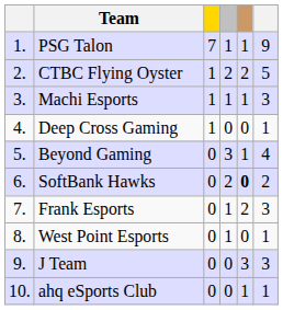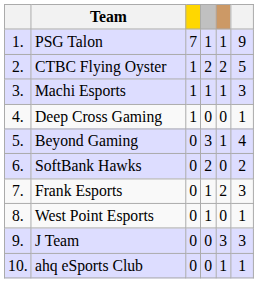 <table class="wikitable" style="text-align: center; white-space: nowrap">
 <tr>
 <th></th>
 <th style="width:150px">Team</th>
 <th style="background:gold"></th>
 <th style="background:silver"></th>
 <th style="background:#C96"></th>
 <th style="width:16px"></th>
 </tr>
 <tr bgcolor=#DDDDFF>
 <td>1.</td>
 <td style="text-align: left"> PSG Talon</td>
 <td>7</td>
 <td>1</td>
 <td>1</td>
 <td>9</td>
 </tr>
 <tr bgcolor=#DDDDFF>
 <td>2.</td>
 <td style="text-align: left"> CTBC Flying Oyster</td>
 <td>1</td>
 <td>2</td>
 <td>2</td>
 <td>5</td>
 </tr>
 <tr bgcolor=#DDDDFF>
 <td>3.</td>
 <td style="text-align: left"> Machi Esports</td>
 <td>1</td>
 <td>1</td>
 <td>1</td>
 <td>3</td>
 </tr>
 <tr>
 <td>4.</td>
 <td style="text-align: left"> Deep Cross Gaming</td>
 <td>1</td>
 <td>0</td>
 <td>0</td>
 <td>1</td>
 </tr>
 <tr bgcolor=#DDDDFF>
 <td>5.</td>
 <td style="text-align: left"> Beyond Gaming</td>
 <td>0</td>
 <td>3</td>
 <td>1</td>
 <td>4</td>
 </tr>
 <tr bgcolor=#DDDDFF>
 <td>6.</td>
 <td style="text-align: left"> SoftBank Hawks</td>
 <td>0</td>
 <td>2</td>
-<td><strong>0</strong></td>
+<td>0</td>
 <td>2</td>
 </tr>
 <tr>
 <td>7.</td>
 <td style="text-align: left"> Frank Esports</td>
 <td>0</td>
 <td>1</td>
 <td>2</td>
 <td>3</td>
 </tr>
 <tr>
 <td>8.</td>
 <td style="text-align: left"> West Point Esports</td>
 <td>0</td>
 <td>1</td>
 <td>0</td>
 <td>1</td>
 </tr>
 <tr bgcolor=#DDDDFF>
 <td>9.</td>
 <td style="text-align: left"> J Team</td>
 <td>0</td>
 <td>0</td>
 <td>3</td>
 <td>3</td>
 </tr>
 <tr bgcolor="#DDDDFF">
 <td>10.</td>
 <td style="text-align: left"> ahq eSports Club</td>
 <td>0</td>
 <td>0</td>
 <td>1</td>
 <td>1</td>
 </tr>
 </table>
